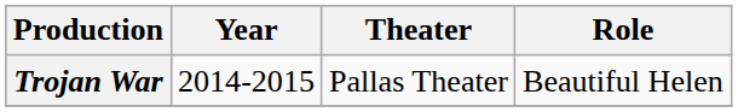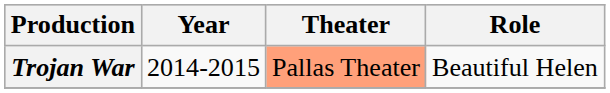 <table class="wikitable plainrowheaders sortable" style="margin-right: 0;">
 <tr>
 <th scope="col">Production</th>
 <th scope="col">Year</th>
 <th scope="col">Theater</th>
 <th scope="col">Role</th>
 </tr>
 <tr>
 <th scope=row><em>Trojan War</em></th>
 <td>2014-2015</td>
-<td>Pallas Theater</td>
+<td style="background: lightsalmon;">Pallas Theater</td>
 <td>Beautiful Helen</td>
 </tr>
 <tr>
 </tr>
 </table>
